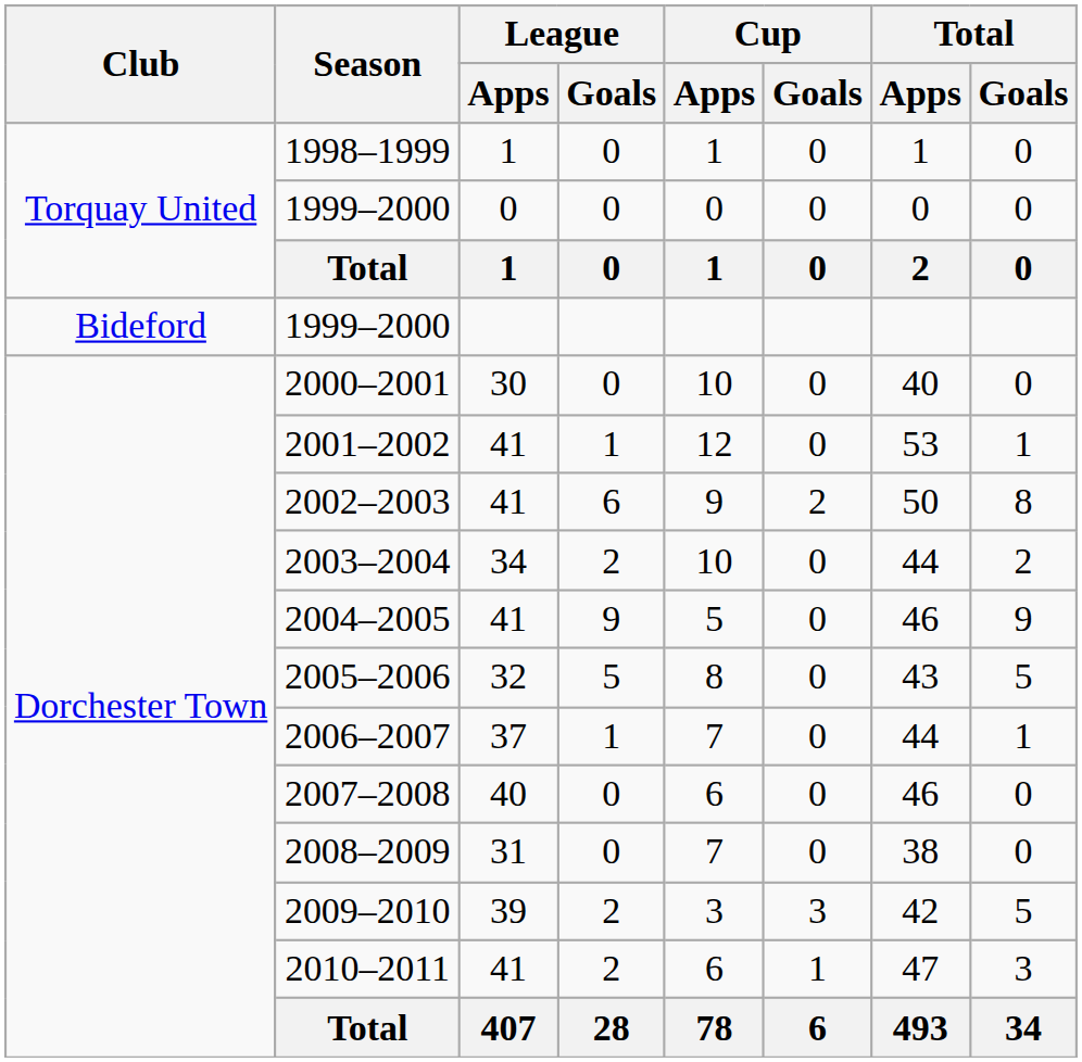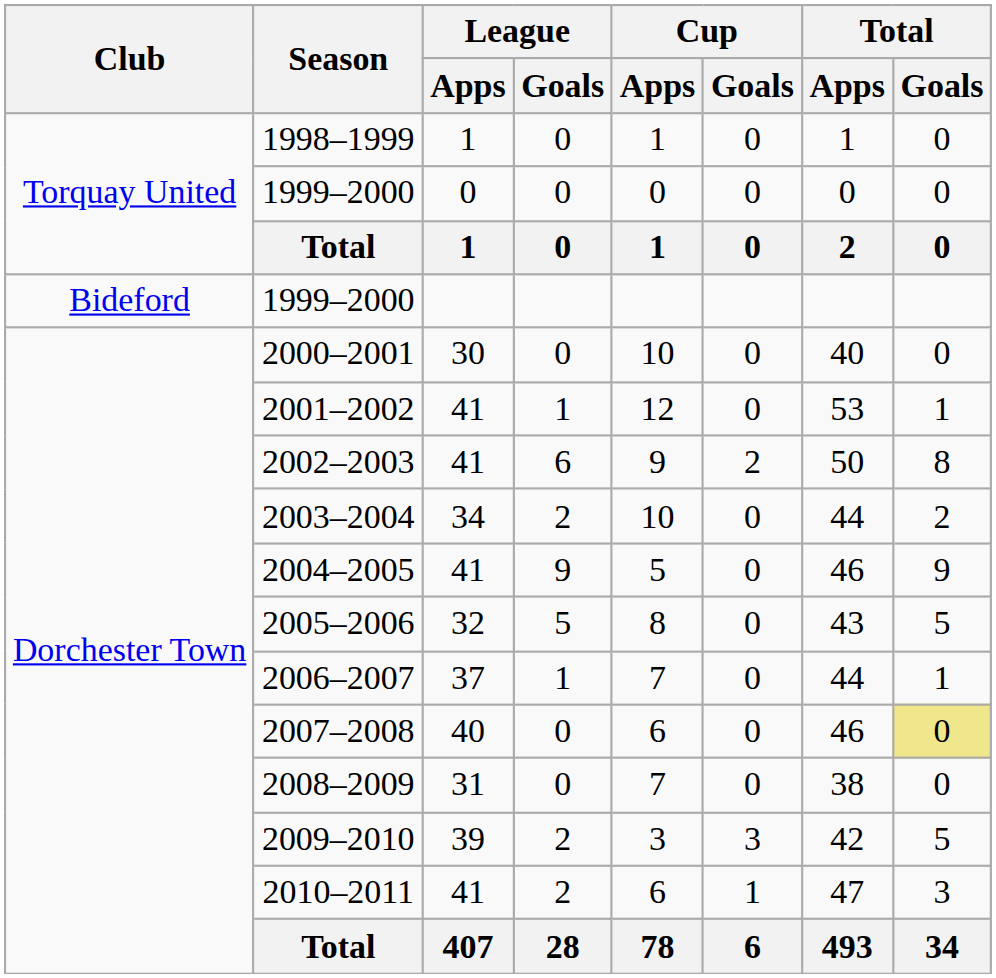 <table class="wikitable" style="text-align:center">
 <tr>
 <th rowspan="2">Club</th>
 <th rowspan="2">Season</th>
 <th colspan="2">League</th>
 <th colspan="2">Cup</th>
 <th colspan="2">Total</th>
 </tr>
 <tr>
 <th>Apps</th>
 <th>Goals</th>
 <th>Apps</th>
 <th>Goals</th>
 <th>Apps</th>
 <th>Goals</th>
 </tr>
 <tr>
 <td rowspan="3"><a href='#'>Torquay United</a></td>
 <td>1998–1999</td>
 <td>1</td>
 <td>0</td>
 <td>1</td>
 <td>0</td>
 <td>1</td>
 <td>0</td>
 </tr>
 <tr>
 <td>1999–2000</td>
 <td>0</td>
 <td>0</td>
 <td>0</td>
 <td>0</td>
 <td>0</td>
 <td>0</td>
 </tr>
 <tr>
 <th>Total</th>
 <th>1</th>
 <th>0</th>
 <th>1</th>
 <th>0</th>
 <th>2</th>
 <th>0</th>
 </tr>
 <tr>
 <td><a href='#'>Bideford</a></td>
 <td>1999–2000</td>
 <td></td>
 <td></td>
 <td></td>
 <td></td>
 <td></td>
 <td></td>
 </tr>
 <tr>
 <td rowspan="12"><a href='#'>Dorchester Town</a></td>
 <td>2000–2001</td>
 <td>30</td>
 <td>0</td>
 <td>10</td>
 <td>0</td>
 <td>40</td>
 <td>0</td>
 </tr>
 <tr>
 <td>2001–2002</td>
 <td>41</td>
 <td>1</td>
 <td>12</td>
 <td>0</td>
 <td>53</td>
 <td>1</td>
 </tr>
 <tr>
 <td>2002–2003</td>
 <td>41</td>
 <td>6</td>
 <td>9</td>
 <td>2</td>
 <td>50</td>
 <td>8</td>
 </tr>
 <tr>
 <td>2003–2004</td>
 <td>34</td>
 <td>2</td>
 <td>10</td>
 <td>0</td>
 <td>44</td>
 <td>2</td>
 </tr>
 <tr>
 <td>2004–2005</td>
 <td>41</td>
 <td>9</td>
 <td>5</td>
 <td>0</td>
 <td>46</td>
 <td>9</td>
 </tr>
 <tr>
 <td>2005–2006</td>
 <td>32</td>
 <td>5</td>
 <td>8</td>
 <td>0</td>
 <td>43</td>
 <td>5</td>
 </tr>
 <tr>
 <td>2006–2007</td>
 <td>37</td>
 <td>1</td>
 <td>7</td>
 <td>0</td>
 <td>44</td>
 <td>1</td>
 </tr>
 <tr>
 <td>2007–2008</td>
 <td>40</td>
 <td>0</td>
 <td>6</td>
 <td>0</td>
 <td>46</td>
-<td>0</td>
+<td style="background: khaki;">0</td>
 </tr>
 <tr>
 <td>2008–2009</td>
 <td>31</td>
 <td>0</td>
 <td>7</td>
 <td>0</td>
 <td>38</td>
 <td>0</td>
 </tr>
 <tr>
 <td>2009–2010</td>
 <td>39</td>
 <td>2</td>
 <td>3</td>
 <td>3</td>
 <td>42</td>
 <td>5</td>
 </tr>
 <tr>
 <td>2010–2011</td>
 <td>41</td>
 <td>2</td>
 <td>6</td>
 <td>1</td>
 <td>47</td>
 <td>3</td>
 </tr>
 <tr>
 <th>Total</th>
 <th>407</th>
 <th>28</th>
 <th>78</th>
 <th>6</th>
 <th>493</th>
 <th>34</th>
 </tr>
 <tr>
 </tr>
 </table>
